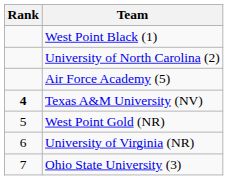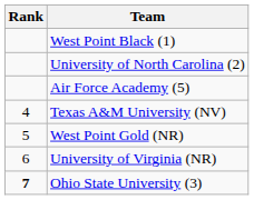 <table class="wikitable">
 <tr>
 <th>Rank</th>
 <th>Team</th>
 </tr>
 <tr>
 <td align=center></td>
 <td align="left"><a href='#'>West Point Black</a> (1)</td>
 </tr>
 <tr>
 <td align=center></td>
 <td align="left"><a href='#'>University of North Carolina</a> (2)</td>
 </tr>
 <tr>
 <td align=center></td>
 <td align="left"><a href='#'>Air Force Academy</a> (5)</td>
 </tr>
 <tr>
-<td align=center><strong>4</strong></td>
+<td align=center>4</td>
 <td align="left"><a href='#'>Texas A&M University</a> (NV)</td>
 </tr>
 <tr>
 <td align=center>5</td>
 <td align="left"><a href='#'>West Point Gold</a> (NR)</td>
 </tr>
 <tr>
 <td align=center>6</td>
 <td align="left"><a href='#'>University of Virginia</a> (NR)</td>
 </tr>
 <tr>
-<td align=center>7</td>
+<td align=center><strong>7</strong></td>
 <td align="left"><a href='#'>Ohio State University</a> (3)</td>
 </tr>
 </table>
